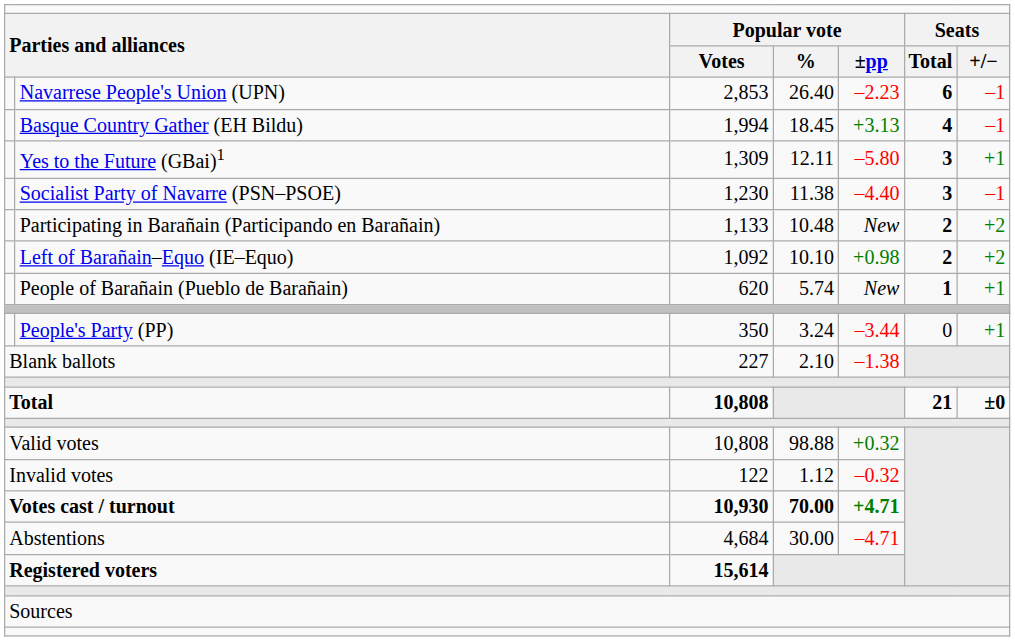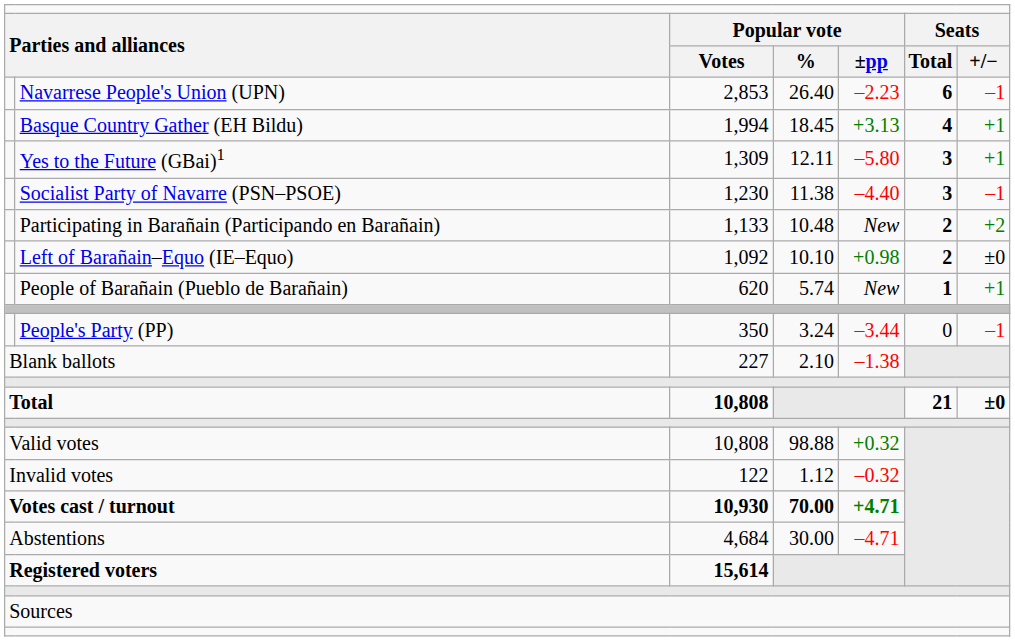 <table class="wikitable" style="text-align:right;">
 <tr>
 <td colspan="7"></td>
 </tr>
 <tr>
 <th style="text-align:left;" rowspan="2" colspan="2" width="525">Parties and alliances</th>
 <th colspan="3">Popular vote</th>
 <th colspan="2">Seats</th>
 </tr>
 <tr>
 <th width="75">Votes</th>
 <th width="45">%</th>
 <th width="45">±<a href='#'>pp</a></th>
 <th width="35">Total</th>
 <th width="35">+/−</th>
 </tr>
 <tr>
 <td width="1" style="color:inherit;background:"></td>
 <td align="left"><a href='#'>Navarrese People's Union</a> (UPN)</td>
 <td>2,853</td>
 <td>26.40</td>
 <td style="color:red;">–2.23</td>
 <td><strong>6</strong></td>
 <td style="color:red;">–1</td>
 </tr>
 <tr>
 <td style="color:inherit;background:"></td>
 <td align="left"><a href='#'>Basque Country Gather</a> (EH Bildu)</td>
 <td>1,994</td>
 <td>18.45</td>
 <td style="color:green;">+3.13</td>
 <td><strong>4</strong></td>
-<td style="color:red;">–1</td>
+<td style="color:green;">+1</td>
 </tr>
 <tr>
 <td style="color:inherit;background:"></td>
 <td align="left"><a href='#'>Yes to the Future</a> (GBai)<sup>1</sup></td>
 <td>1,309</td>
 <td>12.11</td>
 <td style="color:red;">–5.80</td>
 <td><strong>3</strong></td>
 <td style="color:green;">+1</td>
 </tr>
 <tr>
 <td style="color:inherit;background:"></td>
 <td align="left"><a href='#'>Socialist Party of Navarre</a> (PSN–PSOE)</td>
 <td>1,230</td>
 <td>11.38</td>
 <td style="color:red;">–4.40</td>
 <td><strong>3</strong></td>
 <td style="color:red;">–1</td>
 </tr>
 <tr>
 <td style="color:inherit;background:"></td>
 <td align="left">Participating in Barañain (Participando en Barañain)</td>
 <td>1,133</td>
 <td>10.48</td>
 <td><em>New</em></td>
 <td><strong>2</strong></td>
 <td style="color:green;">+2</td>
 </tr>
 <tr>
 <td style="color:inherit;background:"></td>
 <td align="left"><a href='#'>Left of Barañain</a>–<a href='#'>Equo</a> (IE–Equo)</td>
 <td>1,092</td>
 <td>10.10</td>
 <td style="color:green;">+0.98</td>
 <td><strong>2</strong></td>
-<td style="color:green;">+2</td>
+<td>±0</td>
 </tr>
 <tr>
 <td style="color:inherit;background:"></td>
 <td align="left">People of Barañain (Pueblo de Barañain)</td>
 <td>620</td>
 <td>5.74</td>
 <td><em>New</em></td>
 <td><strong>1</strong></td>
 <td style="color:green;">+1</td>
 </tr>
 <tr>
 <td colspan="7" bgcolor="#C0C0C0"></td>
 </tr>
 <tr>
 <td style="color:inherit;background:"></td>
 <td align="left"><a href='#'>People's Party</a> (PP)</td>
 <td>350</td>
 <td>3.24</td>
 <td style="color:red;">–3.44</td>
 <td>0</td>
-<td style="color:green;">+1</td>
+<td style="color:red;">–1</td>
 </tr>
 <tr>
 <td align="left" colspan="2">Blank ballots</td>
 <td>227</td>
 <td>2.10</td>
 <td style="color:red;">–1.38</td>
 <td bgcolor="#E9E9E9" colspan="2"></td>
 </tr>
 <tr>
 <td colspan="7" bgcolor="#E9E9E9"></td>
 </tr>
 <tr style="font-weight:bold;">
 <td align="left" colspan="2">Total</td>
 <td>10,808</td>
 <td bgcolor="#E9E9E9" colspan="2"></td>
 <td>21</td>
 <td>±0</td>
 </tr>
 <tr>
 <td colspan="7" bgcolor="#E9E9E9"></td>
 </tr>
 <tr>
 <td align="left" colspan="2">Valid votes</td>
 <td>10,808</td>
 <td>98.88</td>
 <td style="color:green;">+0.32</td>
 <td bgcolor="#E9E9E9" colspan="2" rowspan="5"></td>
 </tr>
 <tr>
 <td align="left" colspan="2">Invalid votes</td>
 <td>122</td>
 <td>1.12</td>
 <td style="color:red;">–0.32</td>
 </tr>
 <tr style="font-weight:bold;">
 <td align="left" colspan="2">Votes cast / turnout</td>
 <td>10,930</td>
 <td>70.00</td>
 <td style="color:green;">+4.71</td>
 </tr>
 <tr>
 <td align="left" colspan="2">Abstentions</td>
 <td>4,684</td>
 <td>30.00</td>
 <td style="color:red;">–4.71</td>
 </tr>
 <tr style="font-weight:bold;">
 <td align="left" colspan="2">Registered voters</td>
 <td>15,614</td>
 <td bgcolor="#E9E9E9" colspan="2"></td>
 </tr>
 <tr>
 <td colspan="7" bgcolor="#E9E9E9"></td>
 </tr>
 <tr>
 <td align="left" colspan="7">Sources</td>
 </tr>
 <tr>
 <td colspan="7" style="text-align:left; max-width:790px;"></td>
 </tr>
 </table>
